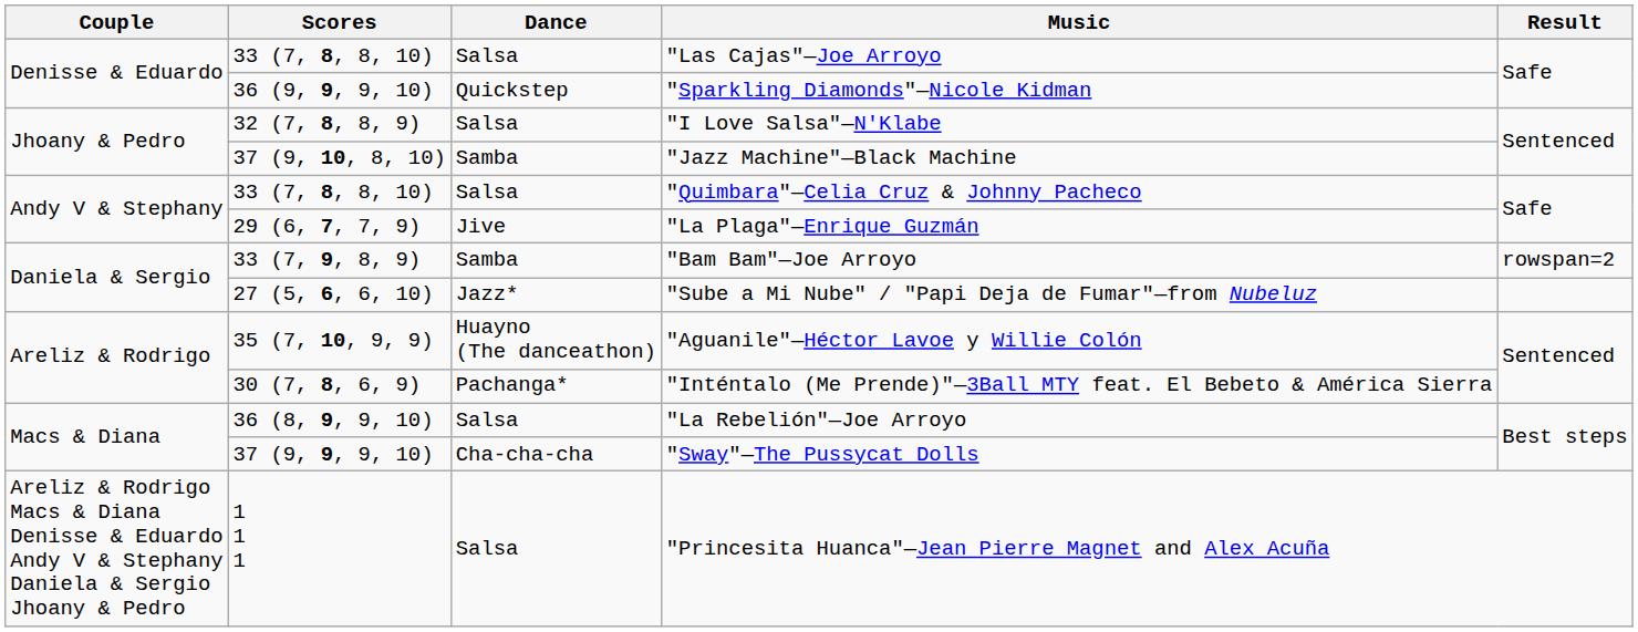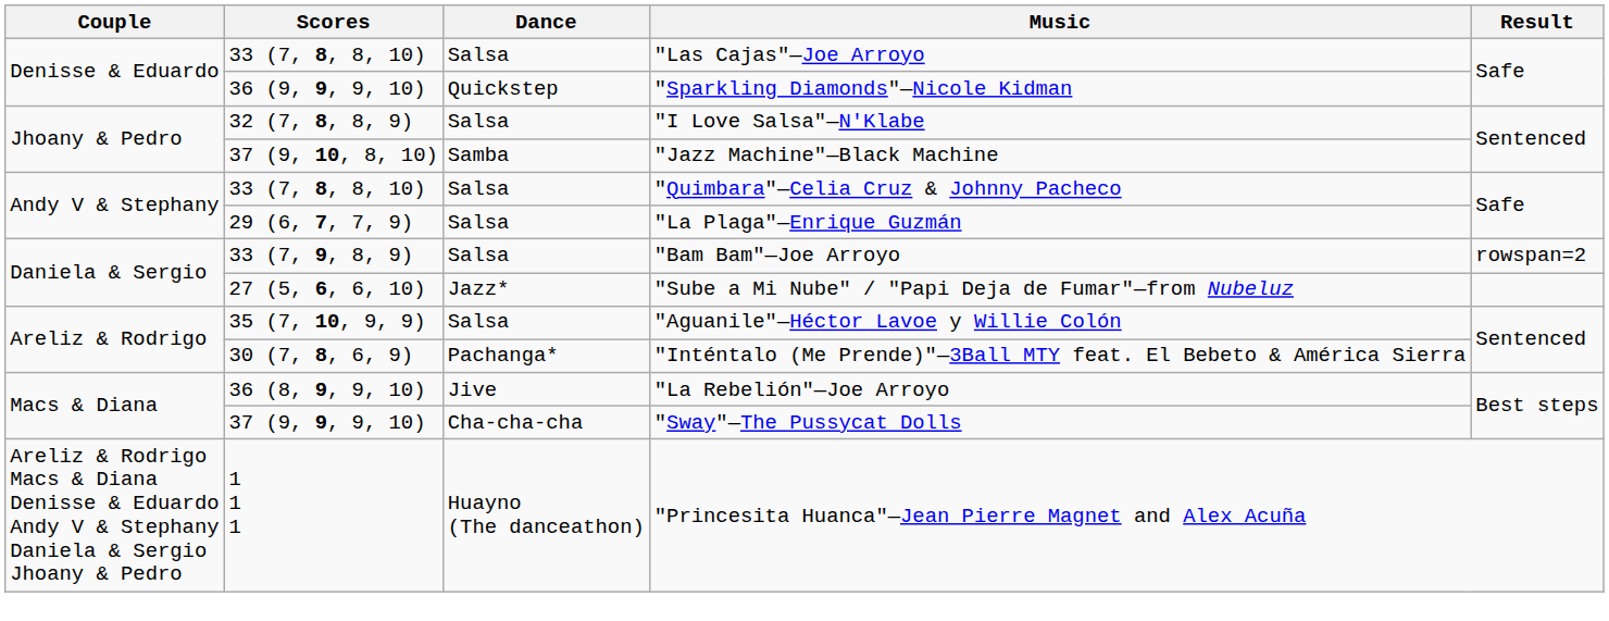 <table class="wikitable sortable" style="width:95%; white-space:nowrap;">
 <tr>
 <th style="width:15%;">Couple</th>
 <th style="width:14%;">Scores</th>
 <th style="width:14%;">Dance</th>
 <th style="width:40%;">Music</th>
 <th style="width:12%;">Result</th>
 </tr>
 <tr>
 <td rowspan=2>Denisse & Eduardo</td>
 <td>33 (7, <strong>8</strong>, 8, 10)</td>
 <td>Salsa</td>
 <td>"Las Cajas"—<a href='#'>Joe Arroyo</a></td>
 <td rowspan=2>Safe</td>
 </tr>
 <tr>
 <td>36 (9, <strong>9</strong>, 9, 10)</td>
 <td>Quickstep</td>
 <td>"<a href='#'>Sparkling Diamonds</a>"—<a href='#'>Nicole Kidman</a></td>
 </tr>
 <tr>
 <td rowspan=2>Jhoany & Pedro</td>
 <td>32 (7, <strong>8</strong>, 8, 9)</td>
 <td>Salsa</td>
 <td>"I Love Salsa"—<a href='#'>N'Klabe</a></td>
 <td rowspan=2>Sentenced</td>
 </tr>
 <tr>
 <td>37 (9, <strong>10</strong>, 8, 10)</td>
 <td>Samba</td>
 <td>"Jazz Machine"—Black Machine</td>
 </tr>
 <tr>
 <td rowspan=2>Andy V & Stephany</td>
 <td>33 (7, <strong>8</strong>, 8, 10)</td>
 <td>Salsa</td>
 <td>"<a href='#'>Quimbara</a>"—<a href='#'>Celia Cruz</a> & <a href='#'>Johnny Pacheco</a></td>
 <td rowspan=2>Safe</td>
 </tr>
 <tr>
 <td>29 (6, <strong>7</strong>, 7, 9)</td>
-<td>Jive</td>
+<td>Salsa</td>
 <td>"La Plaga"—<a href='#'>Enrique Guzmán</a></td>
 </tr>
 <tr>
 <td rowspan=2>Daniela & Sergio</td>
 <td>33 (7, <strong>9</strong>, 8, 9)</td>
-<td>Samba</td>
+<td>Salsa</td>
 <td>"Bam Bam"—Joe Arroyo</td>
 <td>rowspan=2 </td>
 </tr>
 <tr>
 <td>27 (5, <strong>6</strong>, 6, 10)</td>
 <td>Jazz*</td>
 <td>"Sube a Mi Nube" / "Papi Deja de Fumar"—from <em><a href='#'>Nubeluz</a></em></td>
 </tr>
 <tr>
 <td rowspan=2>Areliz & Rodrigo</td>
 <td>35 (7, <strong>10</strong>, 9, 9)</td>
-<td>Huayno<br>(The danceathon)</td>
+<td>Salsa</td>
 <td>"Aguanile"—<a href='#'>Héctor Lavoe</a> y <a href='#'>Willie Colón</a></td>
 <td rowspan=2>Sentenced</td>
 </tr>
 <tr>
 <td>30 (7, <strong>8</strong>, 6, 9)</td>
 <td>Pachanga*</td>
 <td>"Inténtalo (Me Prende)"—<a href='#'>3Ball MTY</a> feat. El Bebeto & América Sierra</td>
 </tr>
 <tr>
 <td rowspan=2>Macs & Diana</td>
 <td>36 (8, <strong>9</strong>, 9, 10)</td>
-<td>Salsa</td>
+<td>Jive</td>
 <td>"La Rebelión"—Joe Arroyo</td>
 <td rowspan=2>Best steps</td>
 </tr>
 <tr>
 <td>37 (9, <strong>9</strong>, 9, 10)</td>
 <td>Cha-cha-cha</td>
 <td>"<a href='#'>Sway</a>"—<a href='#'>The Pussycat Dolls</a></td>
 </tr>
 <tr>
 <td>Areliz & Rodrigo<br>Macs & Diana<br>Denisse & Eduardo<br>Andy V & Stephany<br>Daniela & Sergio<br>Jhoany & Pedro</td>
 <td valign="top"><br>1<br>1<br>1<br><br><br></td>
-<td>Salsa</td>
+<td>Huayno<br>(The danceathon)</td>
 <td colspan="2">"Princesita Huanca"—<a href='#'>Jean Pierre Magnet</a> and <a href='#'>Alex Acuña</a></td>
 </tr>
 </table>
